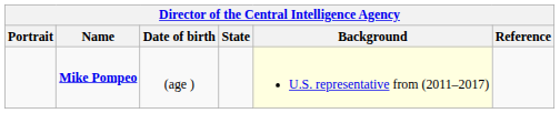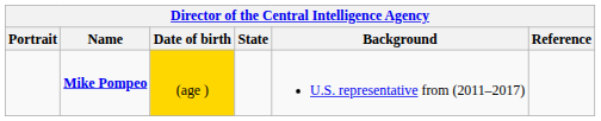 <table class="wikitable collapsible" style="text-align:center;">
 <tr>
 <th colspan="6"><a href='#'>Director of the Central Intelligence Agency</a></th>
 </tr>
 <tr>
 <th>Portrait</th>
 <th>Name</th>
 <th>Date of birth</th>
 <th>State</th>
 <th>Background</th>
 <th>Reference</th>
 </tr>
 <tr>
 <td></td>
 <td><strong><a href='#'>Mike Pompeo</a></strong></td>
-<td><br>(age )</td>
+<td style="background: gold;"><br>(age )</td>
 <td></td>
-<td style="background: lightyellow;"><br><ul><li><a href='#'>U.S. representative</a> from  (2011–2017)</li></ul></td>
+<td><br><ul><li><a href='#'>U.S. representative</a> from  (2011–2017)</li></ul></td>
 <td></td>
 </tr>
 </table>
